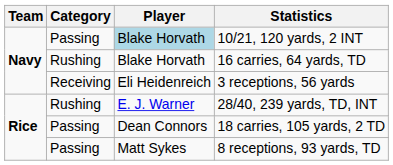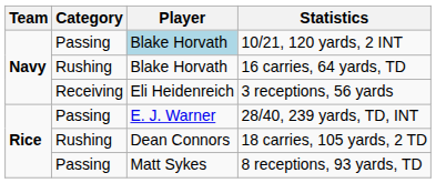 <table class="wikitable" style="float: right;">
 <tr>
 <th>Team</th>
 <th>Category</th>
 <th>Player</th>
 <th>Statistics</th>
 </tr>
 <tr>
 <td rowspan=3><strong>Navy</strong></td>
 <td>Passing</td>
 <td style="background: lightblue;">Blake Horvath</td>
 <td>10/21, 120 yards, 2 INT</td>
 </tr>
 <tr>
 <td>Rushing</td>
 <td>Blake Horvath</td>
 <td>16 carries, 64 yards, TD</td>
 </tr>
 <tr>
 <td>Receiving</td>
 <td>Eli Heidenreich</td>
 <td>3 receptions, 56 yards</td>
 </tr>
 <tr>
 <td rowspan=3><strong>Rice</strong></td>
-<td>Rushing</td>
+<td>Passing</td>
 <td><a href='#'>E. J. Warner</a></td>
 <td>28/40, 239 yards, TD, INT</td>
 </tr>
 <tr>
-<td>Passing</td>
+<td>Rushing</td>
 <td>Dean Connors</td>
 <td>18 carries, 105 yards, 2 TD</td>
 </tr>
 <tr>
 <td>Passing</td>
 <td>Matt Sykes</td>
 <td>8 receptions, 93 yards, TD</td>
 </tr>
 </table>
